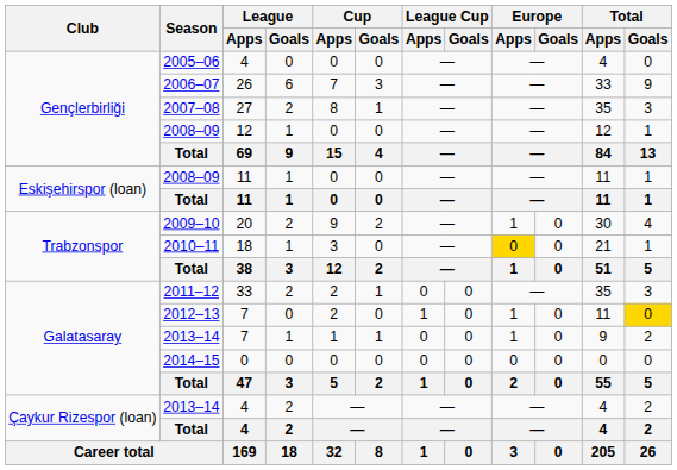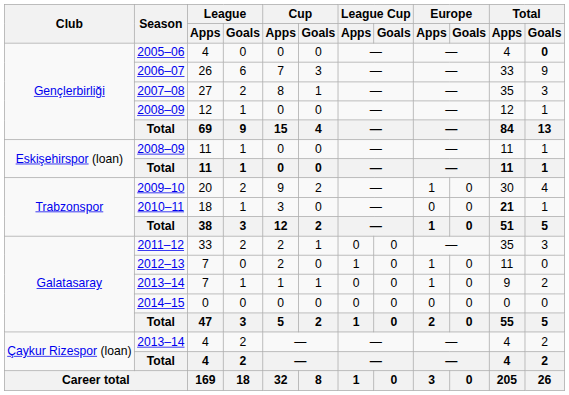 <table class="wikitable" style="text-align: center;">
 <tr>
 <th rowspan="2">Club</th>
 <th rowspan="2">Season</th>
 <th colspan="2">League</th>
 <th colspan="2">Cup</th>
 <th colspan="2">League Cup</th>
 <th colspan="2">Europe</th>
 <th colspan="2">Total</th>
 </tr>
 <tr>
 <th>Apps</th>
 <th>Goals</th>
 <th>Apps</th>
 <th>Goals</th>
 <th>Apps</th>
 <th>Goals</th>
 <th>Apps</th>
 <th>Goals</th>
 <th>Apps</th>
 <th>Goals</th>
 </tr>
 <tr>
 <td rowspan="5" valign="center"><a href='#'>Gençlerbirliği</a></td>
 <td><a href='#'>2005–06</a></td>
 <td>4</td>
 <td>0</td>
 <td>0</td>
 <td>0</td>
 <td colspan="2">—</td>
 <td colspan="2">—</td>
 <td>4</td>
-<td>0</td>
+<td><strong>0</strong></td>
 </tr>
 <tr>
 <td><a href='#'>2006–07</a></td>
 <td>26</td>
 <td>6</td>
 <td>7</td>
 <td>3</td>
 <td colspan="2">—</td>
 <td colspan="2">—</td>
 <td>33</td>
 <td>9</td>
 </tr>
 <tr>
 <td><a href='#'>2007–08</a></td>
 <td>27</td>
 <td>2</td>
 <td>8</td>
 <td>1</td>
 <td colspan="2">—</td>
 <td colspan="2">—</td>
 <td>35</td>
 <td>3</td>
 </tr>
 <tr>
 <td><a href='#'>2008–09</a></td>
 <td>12</td>
 <td>1</td>
 <td>0</td>
 <td>0</td>
 <td colspan="2">—</td>
 <td colspan="2">—</td>
 <td>12</td>
 <td>1</td>
 </tr>
 <tr>
 <th>Total</th>
 <th>69</th>
 <th>9</th>
 <th>15</th>
 <th>4</th>
 <th colspan="2">—</th>
 <th colspan="2">—</th>
 <th>84</th>
 <th>13</th>
 </tr>
 <tr>
 <td rowspan="2" valign="center"><a href='#'>Eskişehirspor</a> (loan)</td>
 <td><a href='#'>2008–09</a></td>
 <td>11</td>
 <td>1</td>
 <td>0</td>
 <td>0</td>
 <td colspan="2">—</td>
 <td colspan="2">—</td>
 <td>11</td>
 <td>1</td>
 </tr>
 <tr>
 <th>Total</th>
 <th>11</th>
 <th>1</th>
 <th>0</th>
 <th>0</th>
 <th colspan="2">—</th>
 <th colspan="2">—</th>
 <th>11</th>
 <th>1</th>
 </tr>
 <tr>
 <td rowspan="3" valign="center"><a href='#'>Trabzonspor</a></td>
 <td><a href='#'>2009–10</a></td>
 <td>20</td>
 <td>2</td>
 <td>9</td>
 <td>2</td>
 <td colspan="2">—</td>
 <td>1</td>
 <td>0</td>
 <td>30</td>
 <td>4</td>
 </tr>
 <tr>
 <td><a href='#'>2010–11</a></td>
 <td>18</td>
 <td>1</td>
 <td>3</td>
 <td>0</td>
 <td colspan="2">—</td>
-<td style="background: gold;">0</td>
 <td>0</td>
-<td>21</td>
+<td>0</td>
+<td><strong>21</strong></td>
 <td>1</td>
 </tr>
 <tr>
 <th>Total</th>
 <th>38</th>
 <th>3</th>
 <th>12</th>
 <th>2</th>
 <th colspan="2">—</th>
 <th>1</th>
 <th>0</th>
 <th>51</th>
 <th>5</th>
 </tr>
 <tr>
 <td rowspan="5" valign="center"><a href='#'>Galatasaray</a></td>
 <td><a href='#'>2011–12</a></td>
 <td>33</td>
 <td>2</td>
 <td>2</td>
 <td>1</td>
 <td>0</td>
 <td>0</td>
 <td colspan="2">—</td>
 <td>35</td>
 <td>3</td>
 </tr>
 <tr>
 <td><a href='#'>2012–13</a></td>
 <td>7</td>
 <td>0</td>
 <td>2</td>
 <td>0</td>
 <td>1</td>
 <td>0</td>
 <td>1</td>
 <td>0</td>
 <td>11</td>
-<td style="background: gold;">0</td>
+<td>0</td>
 </tr>
 <tr>
 <td><a href='#'>2013–14</a></td>
 <td>7</td>
 <td>1</td>
 <td>1</td>
 <td>1</td>
 <td>0</td>
 <td>0</td>
 <td>1</td>
 <td>0</td>
 <td>9</td>
 <td>2</td>
 </tr>
 <tr>
 <td><a href='#'>2014–15</a></td>
 <td>0</td>
 <td>0</td>
 <td>0</td>
 <td>0</td>
 <td>0</td>
 <td>0</td>
 <td>0</td>
 <td>0</td>
 <td>0</td>
 <td>0</td>
 </tr>
 <tr>
 <th>Total</th>
 <th>47</th>
 <th>3</th>
 <th>5</th>
 <th>2</th>
 <th>1</th>
 <th>0</th>
 <th>2</th>
 <th>0</th>
 <th>55</th>
 <th>5</th>
 </tr>
 <tr>
 <td rowspan="2" valign="center"><a href='#'>Çaykur Rizespor</a> (loan)</td>
 <td><a href='#'>2013–14</a></td>
 <td>4</td>
 <td>2</td>
 <td colspan="2">—</td>
 <td colspan="2">—</td>
 <td colspan="2">—</td>
 <td>4</td>
 <td>2</td>
 </tr>
 <tr>
 <th>Total</th>
 <th>4</th>
 <th>2</th>
 <th colspan="2">—</th>
 <th colspan="2">—</th>
 <th colspan="2">—</th>
 <th>4</th>
 <th>2</th>
 </tr>
 <tr>
 <th colspan="2">Career total</th>
 <th>169</th>
 <th>18</th>
 <th>32</th>
 <th>8</th>
 <th>1</th>
 <th>0</th>
 <th>3</th>
 <th>0</th>
 <th>205</th>
 <th>26</th>
 </tr>
 </table>
